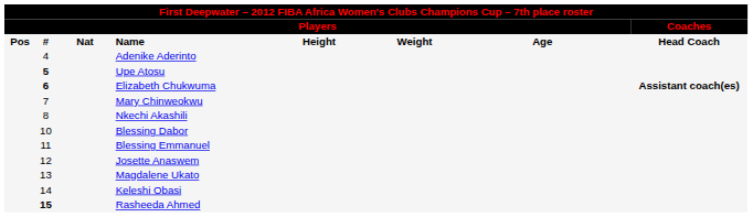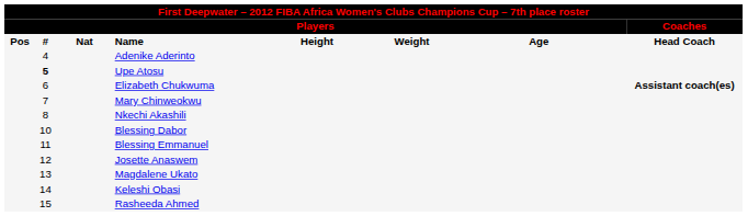 <table border=0 cellpadding=2 cellspacing=0  |- bgcolor=#f5f5f5 style="text-align:center; font-size:85%;" width=75%>
 <tr>
 <td colspan="8" style="background: black; color: red"><strong>First Deepwater – 2012 FIBA Africa Women's Clubs Champions Cup – 7th place roster</strong></td>
 </tr>
 <tr>
 <td colspan="7" style="background: black; color: red"><strong>Players</strong></td>
 <td style="background: black; color: red"><strong>Coaches</strong></td>
 </tr>
 <tr style="background=#f5f5f5; color: black">
 <th width=5px>Pos</th>
 <th width=5px>#</th>
 <th width=50px>Nat</th>
 <th width=135px align=left>Name</th>
 <th width=100px>Height</th>
 <th width=70px>Weight</th>
 <th width=160px>Age</th>
 <th width=105px>Head Coach</th>
 </tr>
 <tr>
 <td></td>
 <td>4</td>
 <td></td>
 <td align=left><a href='#'>Adenike Aderinto</a></td>
 <td></td>
 <td></td>
 <td><span></span></td>
 <td></td>
 </tr>
 <tr>
 <td></td>
 <td><strong>5</strong></td>
 <td></td>
 <td align=left><a href='#'>Upe Atosu</a></td>
 <td></td>
 <td></td>
 <td><span></span></td>
 </tr>
 <tr>
 <td></td>
-<td><strong>6</strong></td>
+<td>6</td>
 <td></td>
 <td align=left><a href='#'>Elizabeth Chukwuma</a></td>
 <td></td>
 <td></td>
 <td><span></span></td>
 <td><strong>Assistant coach(es)</strong></td>
 </tr>
 <tr>
 <td></td>
 <td>7</td>
 <td></td>
 <td align=left><a href='#'>Mary Chinweokwu</a></td>
 <td></td>
 <td></td>
 <td><span></span></td>
 <td></td>
 </tr>
 <tr>
 <td></td>
 <td>8</td>
 <td></td>
 <td align=left><a href='#'>Nkechi Akashili</a></td>
 <td></td>
 <td></td>
 <td><span></span></td>
 </tr>
 <tr>
 <td></td>
 <td>10</td>
 <td></td>
 <td align=left><a href='#'>Blessing Dabor</a></td>
 <td></td>
 <td></td>
 <td><span></span></td>
 </tr>
 <tr>
 <td></td>
 <td>11</td>
 <td></td>
 <td align=left><a href='#'>Blessing Emmanuel</a></td>
 <td></td>
 <td></td>
 <td></td>
 </tr>
 <tr>
 <td></td>
 <td>12</td>
 <td></td>
 <td align=left><a href='#'>Josette Anaswem</a></td>
 <td></td>
 <td></td>
 <td><span></span></td>
 </tr>
 <tr>
 <td></td>
 <td>13</td>
 <td></td>
 <td align=left><a href='#'>Magdalene Ukato</a></td>
 <td></td>
 <td></td>
 <td><span></span></td>
 </tr>
 <tr>
 <td></td>
 <td>14</td>
 <td></td>
 <td align=left><a href='#'>Keleshi Obasi</a></td>
 <td></td>
 <td></td>
 <td><span></span></td>
 </tr>
 <tr>
 <td></td>
-<td><strong>15</strong></td>
+<td>15</td>
 <td></td>
 <td align=left><a href='#'>Rasheeda Ahmed</a></td>
 <td></td>
 <td></td>
 <td><span></span></td>
 </tr>
 </table>
